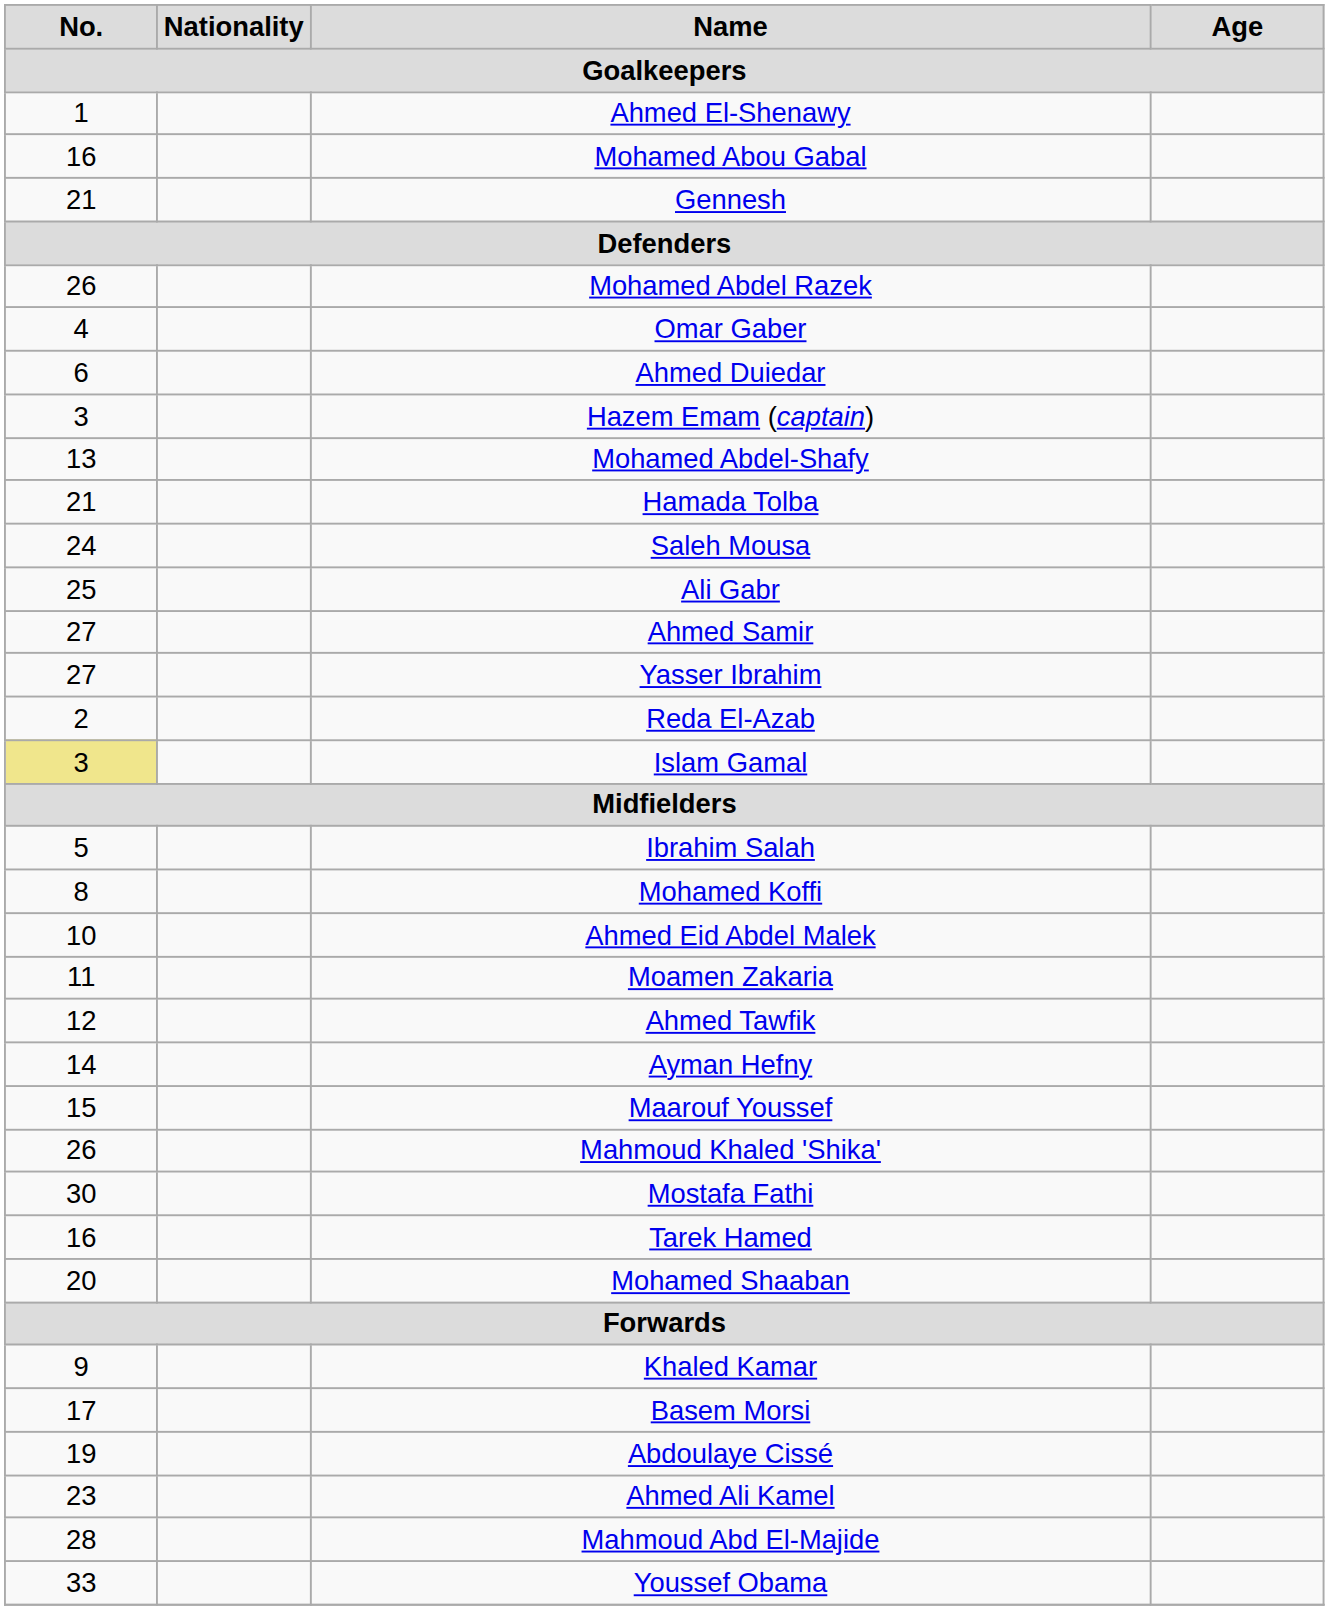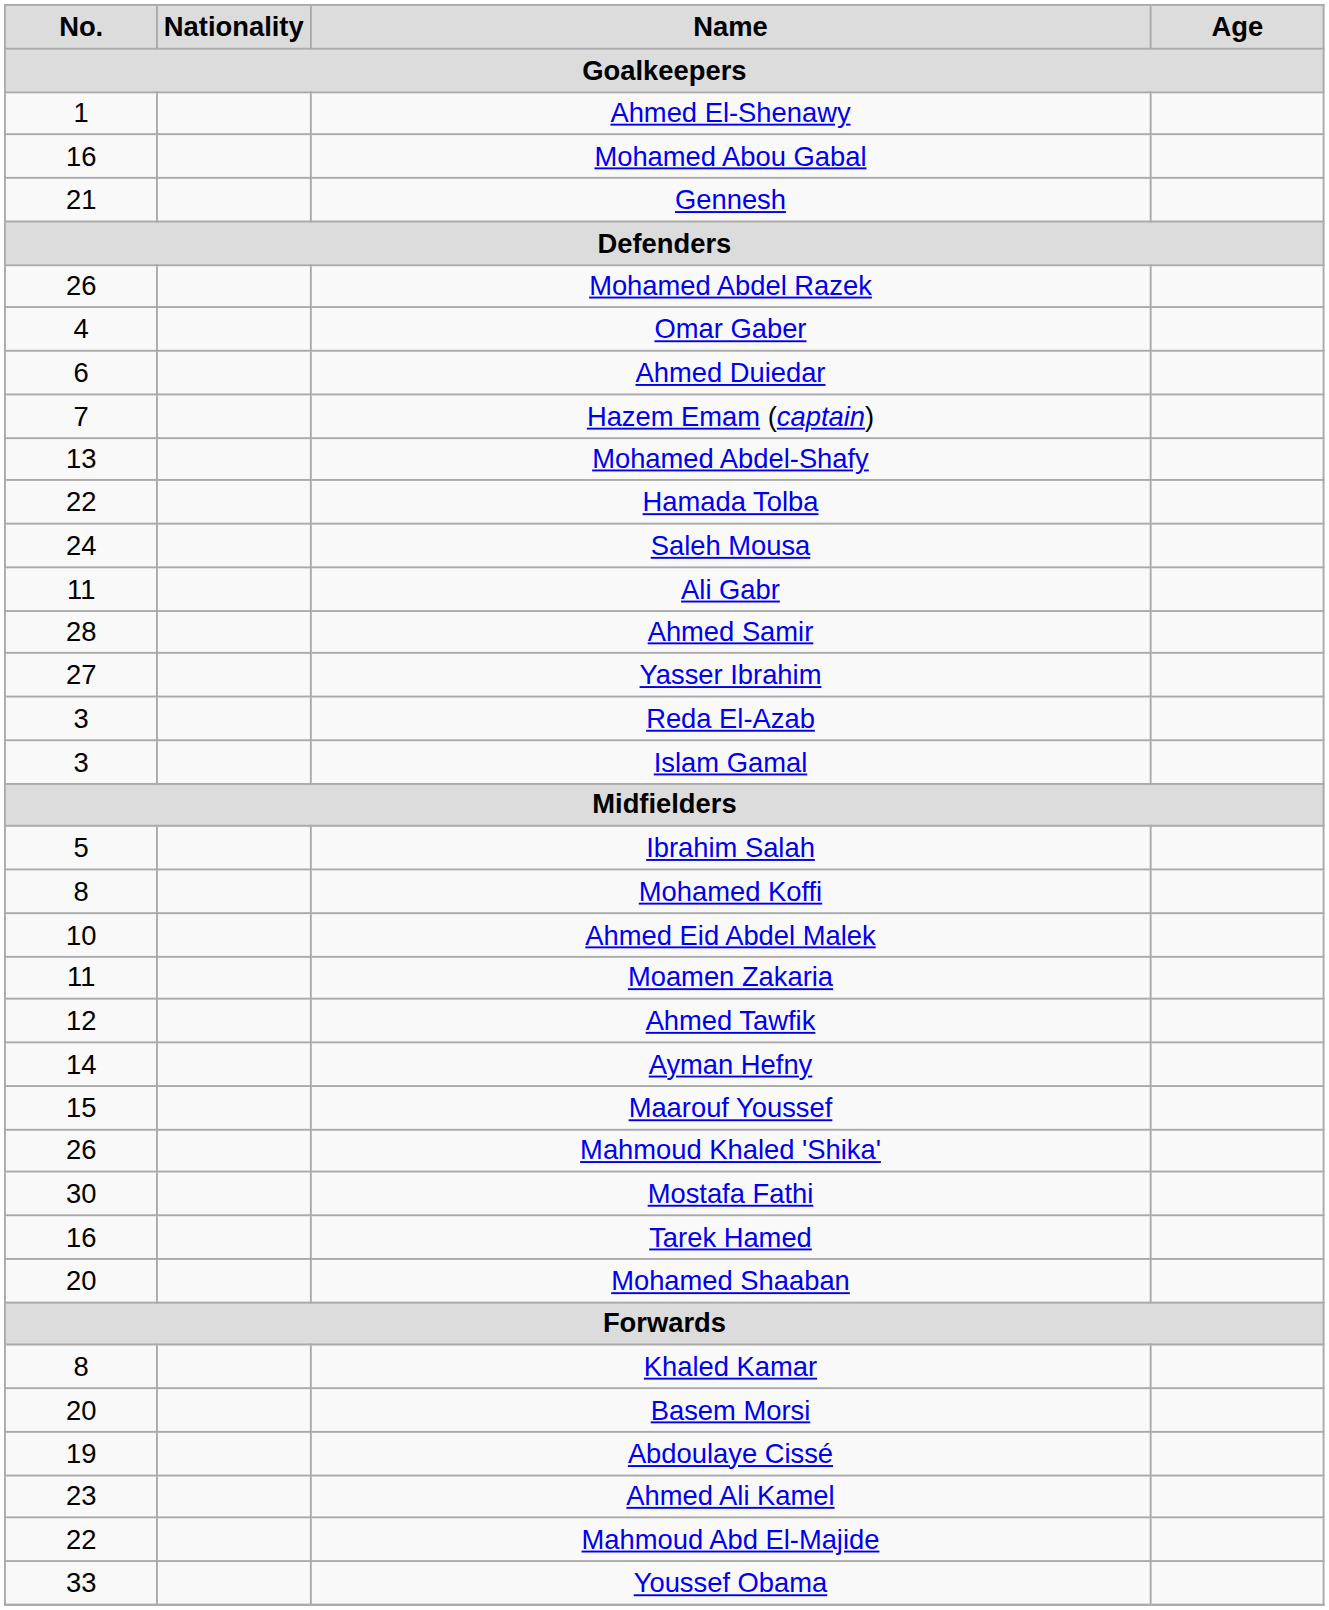 <table class="wikitable" style="text-align:center; font-size:90%; width:55%">
 <tr>
 <th style="background:#DCDCDC; color:black;">No.</th>
 <th style="background:#DCDCDC; color:black;" width=55;>Nationality</th>
 <th style="background:#DCDCDC; color:black;">Name</th>
 <th style="background:#DCDCDC; color:black;">Age</th>
 </tr>
 <tr>
 <th colspan="8" style="background:#DCDCDC;">Goalkeepers</th>
 </tr>
 <tr>
 <td>1</td>
 <td></td>
 <td><a href='#'>Ahmed El-Shenawy</a></td>
 <td></td>
 </tr>
 <tr>
 <td>16</td>
 <td></td>
 <td><a href='#'>Mohamed Abou Gabal</a></td>
 <td></td>
 </tr>
 <tr>
 <td>21</td>
 <td></td>
 <td><a href='#'>Gennesh</a></td>
 <td></td>
 </tr>
 <tr>
 <th colspan="8" style="background:#DCDCDC;">Defenders</th>
 </tr>
 <tr>
 <td>26</td>
 <td></td>
 <td><a href='#'>Mohamed Abdel Razek</a></td>
 <td></td>
 </tr>
 <tr>
 <td>4</td>
 <td></td>
 <td><a href='#'>Omar Gaber</a></td>
 <td></td>
 </tr>
 <tr>
 <td>6</td>
 <td></td>
 <td><a href='#'>Ahmed Duiedar</a></td>
 <td></td>
 </tr>
 <tr>
-<td>3</td>
+<td>7</td>
 <td></td>
 <td><a href='#'>Hazem Emam</a> (<a href='#'><em>captain</em></a>)</td>
 <td></td>
 </tr>
 <tr>
 <td>13</td>
 <td></td>
 <td><a href='#'>Mohamed Abdel-Shafy</a></td>
 <td></td>
 </tr>
 <tr>
-<td>21</td>
+<td>22</td>
 <td></td>
 <td><a href='#'>Hamada Tolba</a></td>
 <td></td>
 </tr>
 <tr>
 <td>24</td>
 <td></td>
 <td><a href='#'>Saleh Mousa</a></td>
 <td></td>
 </tr>
 <tr>
-<td>25</td>
+<td>11</td>
 <td></td>
 <td><a href='#'>Ali Gabr</a></td>
 <td></td>
 </tr>
 <tr>
-<td>27</td>
+<td>28</td>
 <td></td>
 <td><a href='#'>Ahmed Samir</a></td>
 <td></td>
 </tr>
 <tr>
 <td>27</td>
 <td></td>
 <td><a href='#'>Yasser Ibrahim</a></td>
 <td></td>
 </tr>
 <tr>
-<td>2</td>
+<td>3</td>
 <td></td>
 <td><a href='#'>Reda El-Azab</a></td>
 <td></td>
 </tr>
 <tr>
-<td style="background: khaki;">3</td>
+<td>3</td>
 <td></td>
 <td><a href='#'>Islam Gamal</a></td>
 <td></td>
 </tr>
 <tr>
 <th colspan="8" style="background:#DCDCDC;">Midfielders</th>
 </tr>
 <tr>
 <td>5</td>
 <td></td>
 <td><a href='#'>Ibrahim Salah</a></td>
 <td></td>
 </tr>
 <tr>
 <td>8</td>
 <td></td>
 <td><a href='#'>Mohamed Koffi</a></td>
 <td></td>
 </tr>
 <tr>
 <td>10</td>
 <td></td>
 <td><a href='#'>Ahmed Eid Abdel Malek</a></td>
 <td></td>
 </tr>
 <tr>
 <td>11</td>
 <td></td>
 <td><a href='#'>Moamen Zakaria</a></td>
 <td></td>
 </tr>
 <tr>
 <td>12</td>
 <td></td>
 <td><a href='#'>Ahmed Tawfik</a></td>
 <td></td>
 </tr>
 <tr>
 <td>14</td>
 <td></td>
 <td><a href='#'>Ayman Hefny</a></td>
 <td></td>
 </tr>
 <tr>
 <td>15</td>
 <td></td>
 <td><a href='#'>Maarouf Youssef</a></td>
 <td></td>
 </tr>
 <tr>
 <td>26</td>
 <td></td>
 <td><a href='#'>Mahmoud Khaled 'Shika'</a></td>
 <td></td>
 </tr>
 <tr>
 <td>30</td>
 <td></td>
 <td><a href='#'>Mostafa Fathi</a></td>
 <td></td>
 </tr>
 <tr>
 <td>16</td>
 <td></td>
 <td><a href='#'>Tarek Hamed</a></td>
 <td></td>
 </tr>
 <tr>
 <td>20</td>
 <td></td>
 <td><a href='#'>Mohamed Shaaban</a></td>
 <td></td>
 </tr>
 <tr>
 <th colspan="8" style="background:#DCDCDC;">Forwards</th>
 </tr>
 <tr>
-<td>9</td>
+<td>8</td>
 <td></td>
 <td><a href='#'>Khaled Kamar</a></td>
 <td></td>
 </tr>
 <tr>
-<td>17</td>
+<td>20</td>
 <td></td>
 <td><a href='#'>Basem Morsi</a></td>
 <td></td>
 </tr>
 <tr>
 <td>19</td>
 <td></td>
 <td><a href='#'>Abdoulaye Cissé</a></td>
 <td></td>
 </tr>
 <tr>
 <td>23</td>
 <td></td>
 <td><a href='#'>Ahmed Ali Kamel</a></td>
 <td></td>
 </tr>
 <tr>
-<td>28</td>
+<td>22</td>
 <td></td>
 <td><a href='#'>Mahmoud Abd El-Majide</a></td>
 <td></td>
 </tr>
 <tr>
 <td>33</td>
 <td></td>
 <td><a href='#'>Youssef Obama</a></td>
 <td></td>
 </tr>
 <tr>
 </tr>
 </table>
